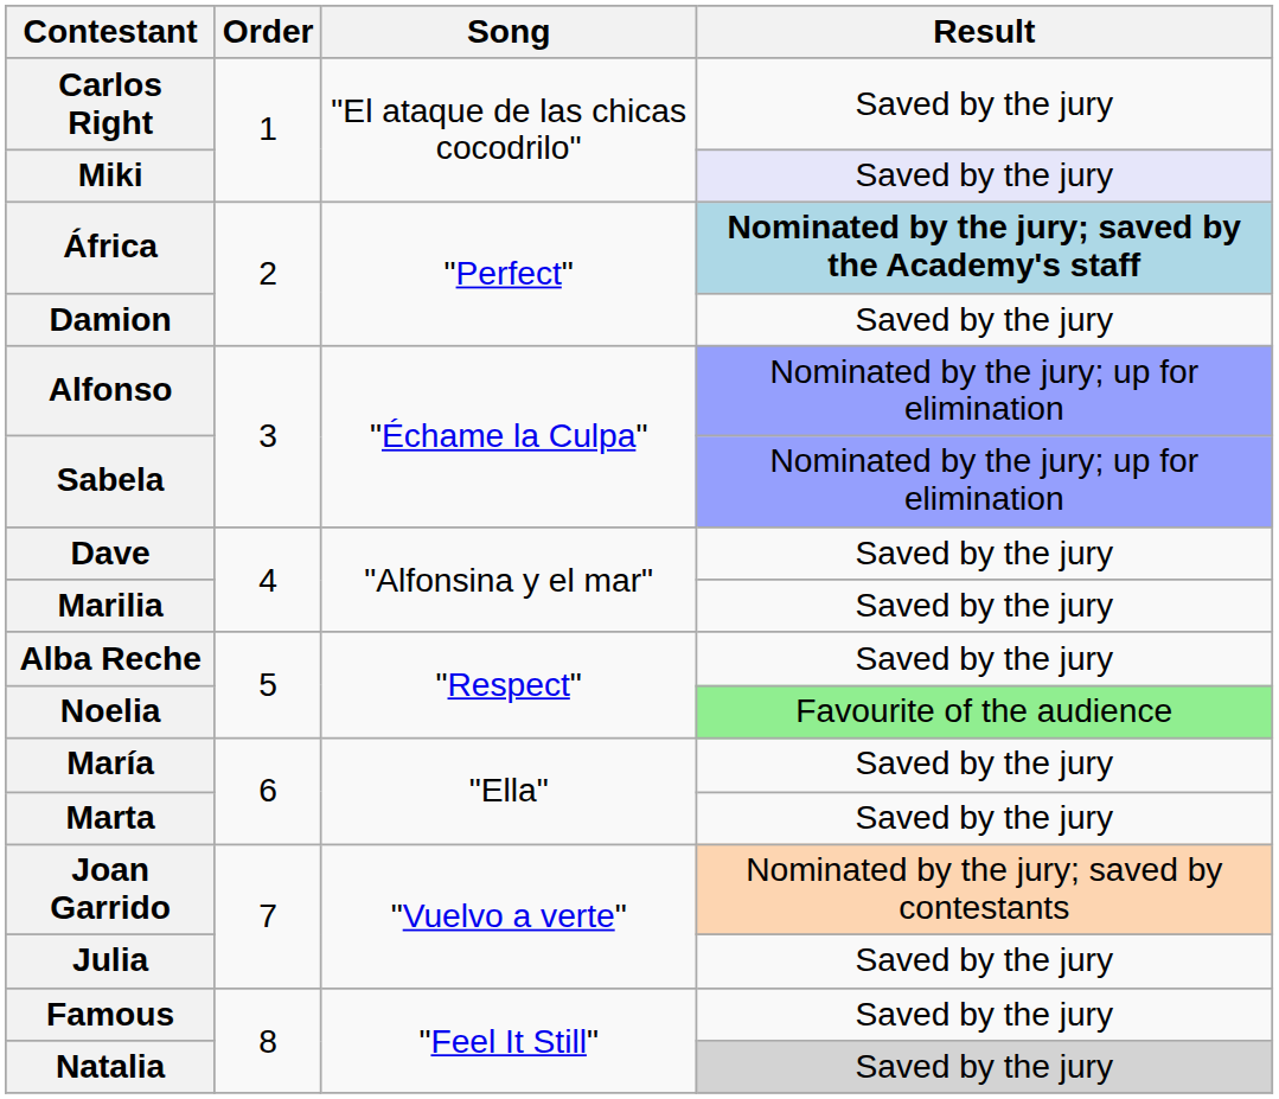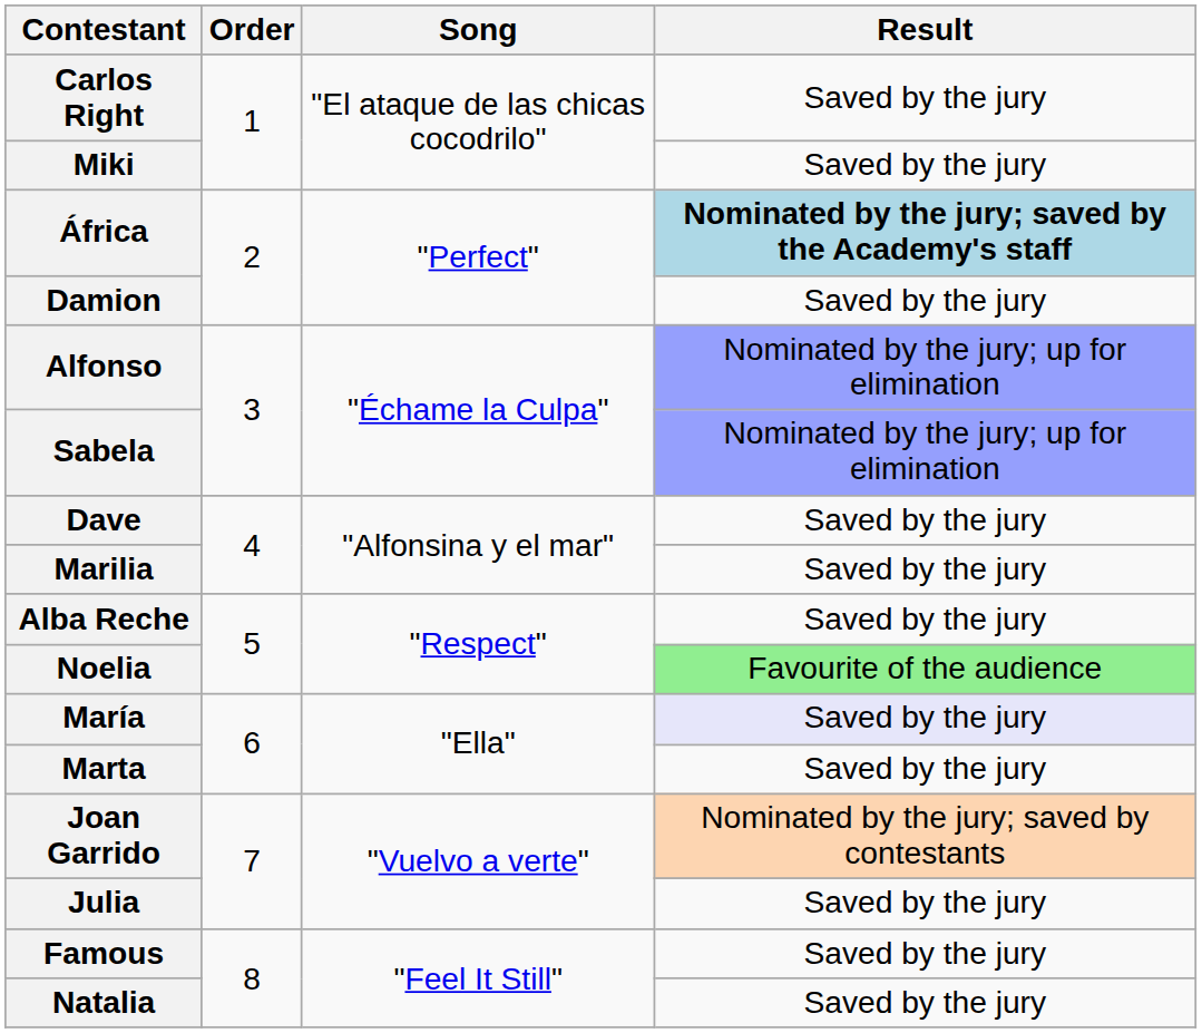 <table class="wikitable plainrowheaders" style="text-align:center;">
 <tr>
 <th scope="col">Contestant</th>
 <th scope="col">Order</th>
 <th scope="col">Song</th>
 <th scope="col">Result</th>
 </tr>
 <tr>
 <th scope="row">Carlos Right</th>
 <td rowspan="2">1</td>
 <td rowspan="2">"El ataque de las chicas cocodrilo"</td>
 <td>Saved by the jury</td>
 </tr>
 <tr>
 <th scope="row">Miki</th>
-<td style="background: lavender;">Saved by the jury</td>
+<td>Saved by the jury</td>
 </tr>
 <tr>
 <th scope="row">África</th>
 <td rowspan="2">2</td>
 <td rowspan="2">"<a href='#'>Perfect</a>"</td>
 <td style="background:lightblue;"><strong>Nominated by the jury; saved by the Academy's staff</strong></td>
 </tr>
 <tr>
 <th scope="row">Damion</th>
 <td>Saved by the jury</td>
 </tr>
 <tr>
 <th scope="row">Alfonso</th>
 <td rowspan="2">3</td>
 <td rowspan="2">"<a href='#'>Échame la Culpa</a>"</td>
 <td style="background:#959ffd;">Nominated by the jury; up for elimination</td>
 </tr>
 <tr>
 <th scope="row">Sabela</th>
 <td style="background:#959ffd;">Nominated by the jury; up for elimination</td>
 </tr>
 <tr>
 <th scope="row">Dave</th>
 <td rowspan="2">4</td>
 <td rowspan="2">"Alfonsina y el mar"</td>
 <td>Saved by the jury</td>
 </tr>
 <tr>
 <th scope="row">Marilia</th>
 <td>Saved by the jury</td>
 </tr>
 <tr>
 <th scope="row">Alba Reche</th>
 <td rowspan="2">5</td>
 <td rowspan="2">"<a href='#'>Respect</a>"</td>
 <td>Saved by the jury</td>
 </tr>
 <tr>
 <th scope="row">Noelia</th>
 <td style="background:lightgreen;">Favourite of the audience</td>
 </tr>
 <tr>
 <th scope="row">María</th>
 <td rowspan="2">6</td>
 <td rowspan="2">"Ella"</td>
-<td>Saved by the jury</td>
+<td style="background: lavender;">Saved by the jury</td>
 </tr>
 <tr>
 <th scope="row">Marta</th>
 <td>Saved by the jury</td>
 </tr>
 <tr>
 <th scope="row">Joan Garrido</th>
 <td rowspan="2">7</td>
 <td rowspan="2">"<a href='#'>Vuelvo a verte</a>"</td>
 <td style="background:#fdd5b1;">Nominated by the jury; saved by contestants</td>
 </tr>
 <tr>
 <th scope="row">Julia</th>
 <td>Saved by the jury</td>
 </tr>
 <tr>
 <th scope="row">Famous</th>
 <td rowspan="2">8</td>
 <td rowspan="2">"<a href='#'>Feel It Still</a>"</td>
 <td>Saved by the jury</td>
 </tr>
 <tr>
 <th scope="row">Natalia</th>
-<td style="background: lightgrey;">Saved by the jury</td>
+<td>Saved by the jury</td>
 </tr>
 </table>
